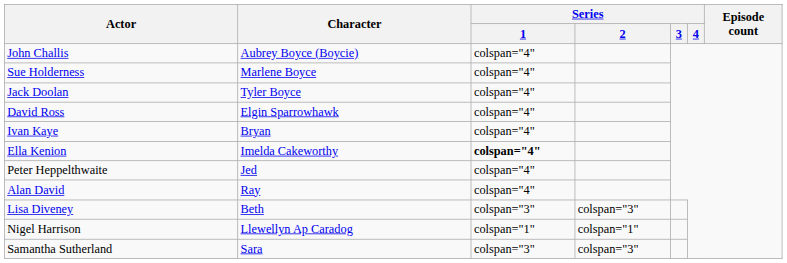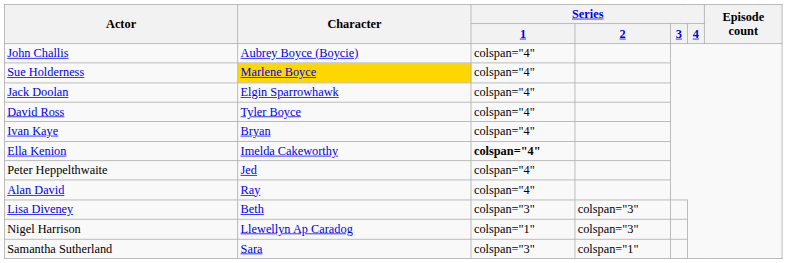 <table class="wikitable planrowheaders" style="width: 80%; margin-right: 0;">
 <tr>
 <th rowspan="2" width="30%">Actor</th>
 <th rowspan="2" width="30%">Character</th>
 <th colspan="4" width="30%"><a href='#'>Series</a></th>
 <th rowspan="2">Episode count</th>
 </tr>
 <tr>
 <th><a href='#'>1</a></th>
 <th><a href='#'>2</a></th>
 <th><a href='#'>3</a></th>
 <th><a href='#'>4</a></th>
 </tr>
 <tr>
 <td><a href='#'>John Challis</a></td>
 <td><a href='#'>Aubrey Boyce (Boycie)</a></td>
 <td>colspan="4" </td>
 <td></td>
 </tr>
 <tr>
 <td><a href='#'>Sue Holderness</a></td>
-<td><a href='#'>Marlene Boyce</a></td>
+<td style="background: gold;"><a href='#'>Marlene Boyce</a></td>
 <td>colspan="4" </td>
 <td></td>
 </tr>
 <tr>
 <td><a href='#'>Jack Doolan</a></td>
-<td><a href='#'>Tyler Boyce</a></td>
+<td><a href='#'>Elgin Sparrowhawk</a></td>
 <td>colspan="4" </td>
 <td></td>
 </tr>
 <tr>
 <td><a href='#'>David Ross</a></td>
-<td><a href='#'>Elgin Sparrowhawk</a></td>
+<td><a href='#'>Tyler Boyce</a></td>
 <td>colspan="4" </td>
 <td></td>
 </tr>
 <tr>
 <td><a href='#'>Ivan Kaye</a></td>
 <td><a href='#'>Bryan</a></td>
 <td>colspan="4" </td>
 <td></td>
 </tr>
 <tr>
 <td><a href='#'>Ella Kenion</a></td>
 <td><a href='#'>Imelda Cakeworthy</a></td>
 <td><strong>colspan="4" </strong></td>
 <td></td>
 </tr>
 <tr>
 <td>Peter Heppelthwaite</td>
 <td><a href='#'>Jed</a></td>
 <td>colspan="4" </td>
 <td></td>
 </tr>
 <tr>
 <td><a href='#'>Alan David</a></td>
 <td><a href='#'>Ray</a></td>
 <td>colspan="4" </td>
 <td></td>
 </tr>
 <tr>
 <td><a href='#'>Lisa Diveney</a></td>
 <td><a href='#'>Beth</a></td>
 <td>colspan="3" </td>
 <td>colspan="3" </td>
 <td></td>
 </tr>
 <tr>
 <td>Nigel Harrison</td>
 <td><a href='#'>Llewellyn Ap Caradog</a></td>
 <td>colspan="1" </td>
-<td>colspan="1" </td>
+<td>colspan="3" </td>
 <td></td>
 </tr>
 <tr>
 <td>Samantha Sutherland</td>
 <td><a href='#'>Sara</a></td>
 <td>colspan="3" </td>
-<td>colspan="3" </td>
+<td>colspan="1" </td>
 <td></td>
 </tr>
 </table>
